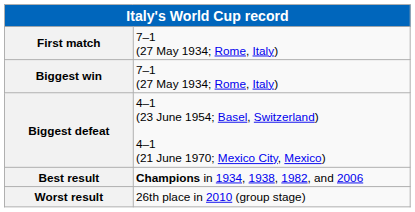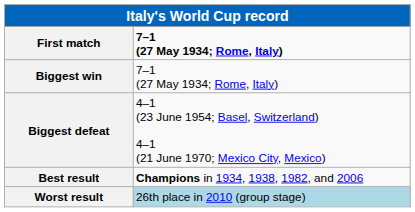 <table class="wikitable collapsible collapsed" style="width:35%;font-size:80%">
 <tr style="color:white">
 <th style="background:#0066bc;width:20%" colspan="6"><big>Italy's World Cup record</big></th>
 </tr>
 <tr>
 <th width=10%>First match</th>
-<td width=23%><div> 7–1 <br> (27 May 1934; <a href='#'>Rome</a>, <a href='#'>Italy</a>)</div></td>
+<td width=23%><strong><div> 7–1 <br> (27 May 1934; <a href='#'>Rome</a>, <a href='#'>Italy</a>)</div></strong></td>
 </tr>
 <tr>
 <th width=10%>Biggest win</th>
 <td width=23%><div> 7–1 <br> (27 May 1934; <a href='#'>Rome</a>, <a href='#'>Italy</a>)</div></td>
 </tr>
 <tr>
 <th width=10%>Biggest defeat</th>
 <td width=23%><div> 4–1 <br> (23 June 1954; <a href='#'>Basel</a>, <a href='#'>Switzerland</a>)</div><br><div> 4–1 <br> (21 June 1970; <a href='#'>Mexico City</a>, <a href='#'>Mexico</a>)</div></td>
 </tr>
 <tr>
 <th width=10%>Best result</th>
 <td width=23%><div><strong>Champions</strong> in <a href='#'>1934</a>, <a href='#'>1938</a>, <a href='#'>1982</a>, and <a href='#'>2006</a></div></td>
 </tr>
 <tr>
 <th width=10%>Worst result</th>
-<td width=23%><div>26th place in <a href='#'>2010</a> (group stage)</div></td>
+<td width=23% style="background: lightblue;"><div>26th place in <a href='#'>2010</a> (group stage)</div></td>
 </tr>
 </table>
